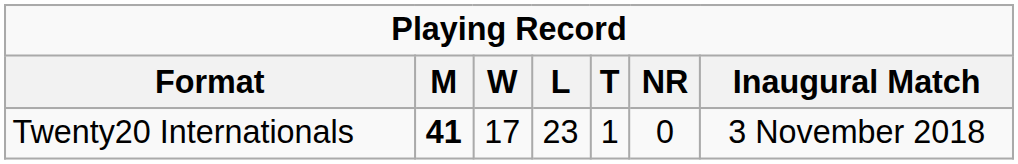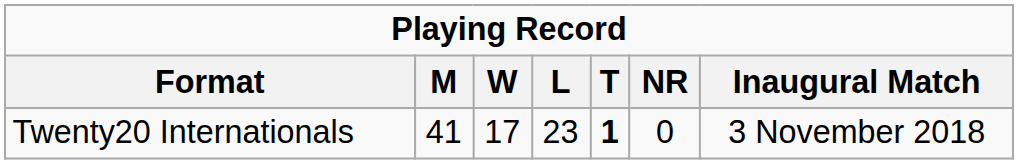 <table class="wikitable" style="text-align: center; width: 500px;">
 <tr>
 <td colspan=7 align="center"><strong>Playing Record</strong></td>
 </tr>
 <tr>
 <th>Format</th>
 <th>M</th>
 <th>W</th>
 <th>L</th>
 <th>T</th>
 <th>NR</th>
 <th>Inaugural Match</th>
 </tr>
 <tr>
 <td align="left">Twenty20 Internationals</td>
-<td><strong>41</strong></td>
+<td>41</td>
 <td>17</td>
 <td>23</td>
-<td>1</td>
+<td><strong>1</strong></td>
 <td>0</td>
 <td>3 November 2018</td>
 </tr>
 </table>
